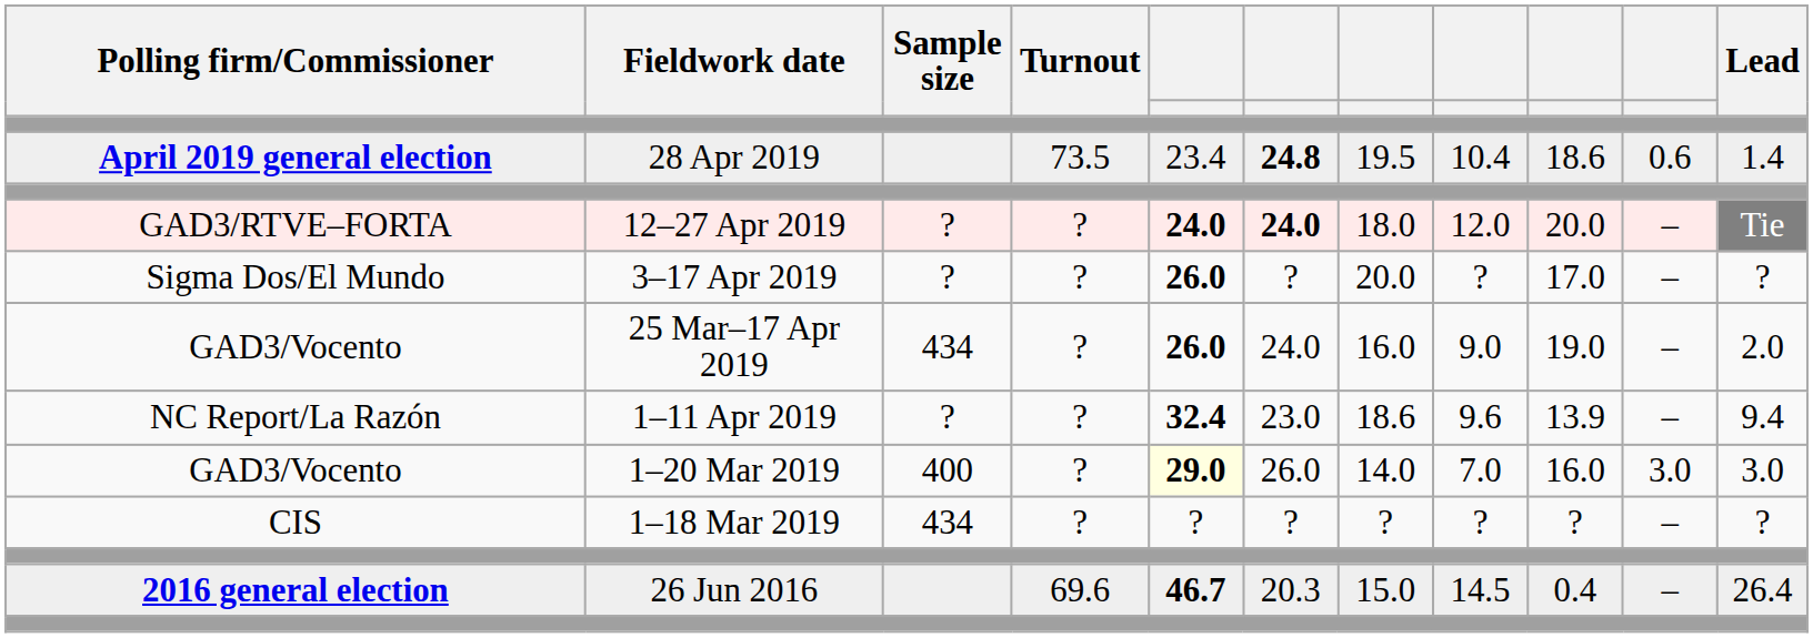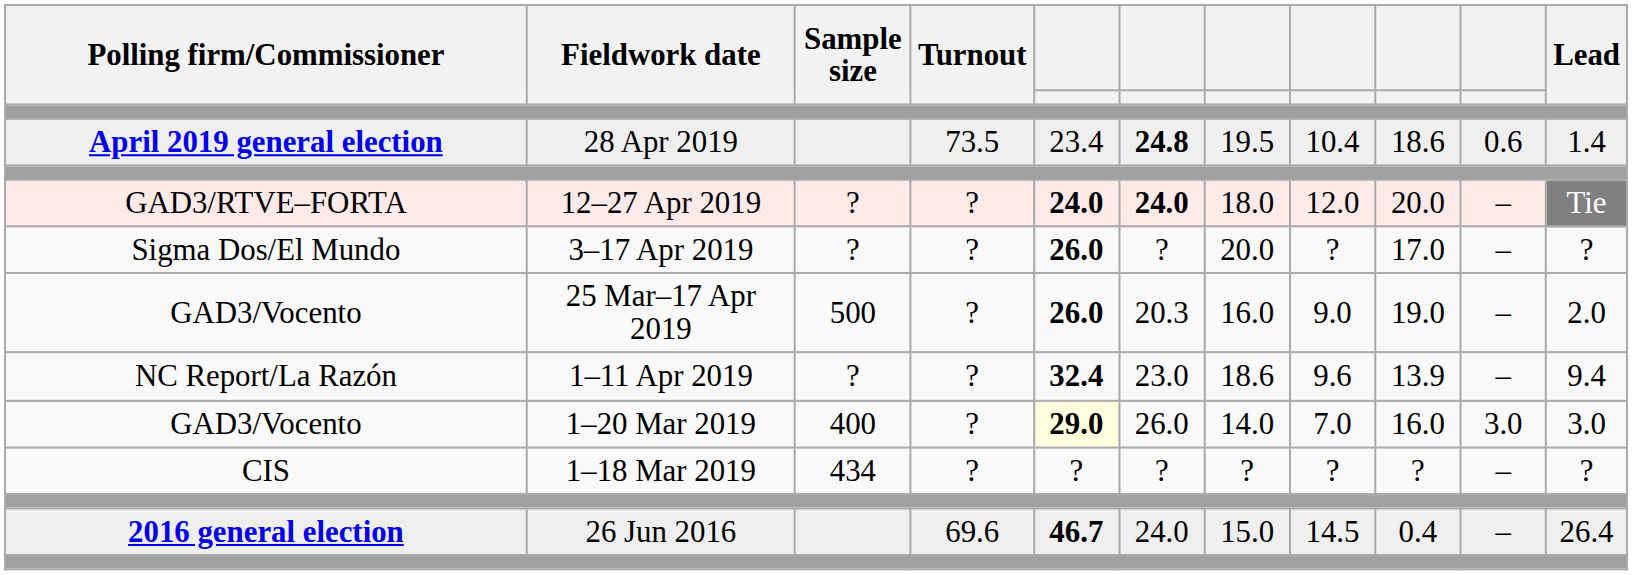 <table class="wikitable collapsible collapsed" style="text-align:center; font-size:95%; line-height:16px;">
 <tr style="height:42px;">
 <th style="width:250px;" rowspan="2">Polling firm/Commissioner</th>
 <th style="width:125px;" rowspan="2">Fieldwork date</th>
 <th style="width:50px;" rowspan="2">Sample size</th>
 <th style="width:45px;" rowspan="2">Turnout</th>
 <th style="width:35px;"></th>
 <th style="width:35px;"></th>
 <th style="width:35px;"></th>
 <th style="width:35px;"></th>
 <th style="width:35px;"></th>
 <th style="width:35px;"></th>
 <th style="width:30px;" rowspan="2">Lead</th>
 </tr>
 <tr>
 <th style="color:inherit;background:"></th>
 <th style="color:inherit;background:"></th>
 <th style="color:inherit;background:"></th>
 <th style="color:inherit;background:"></th>
 <th style="color:inherit;background:"></th>
 <th style="color:inherit;background:"></th>
 </tr>
 <tr>
 <td colspan="11" style="background:#A0A0A0"></td>
 </tr>
 <tr style="background:#EFEFEF;">
 <td><strong><a href='#'>April 2019 general election</a></strong></td>
 <td>28 Apr 2019</td>
 <td></td>
 <td>73.5</td>
 <td>23.4<br></td>
 <td><strong>24.8</strong><br></td>
 <td>19.5<br></td>
 <td>10.4<br></td>
 <td>18.6<br></td>
 <td>0.6<br></td>
 <td style="background:">1.4</td>
 </tr>
 <tr>
 <td colspan="11" style="background:#A0A0A0"></td>
 </tr>
 <tr style="background:#FFEAEA;">
 <td>GAD3/RTVE–FORTA</td>
 <td>12–27 Apr 2019</td>
 <td>?</td>
 <td>?</td>
 <td><strong>24.0</strong><br></td>
 <td><strong>24.0</strong><br></td>
 <td>18.0<br></td>
 <td>12.0<br></td>
 <td>20.0<br></td>
 <td>–</td>
 <td style="background:gray;color:white;">Tie</td>
 </tr>
 <tr>
 <td>Sigma Dos/El Mundo</td>
 <td>3–17 Apr 2019</td>
 <td>?</td>
 <td>?</td>
 <td><strong>26.0</strong><br></td>
 <td>?<br></td>
 <td>20.0<br></td>
 <td>?<br></td>
 <td>17.0<br></td>
 <td>–</td>
 <td style="background:">?</td>
 </tr>
 <tr>
 <td>GAD3/Vocento</td>
 <td>25 Mar–17 Apr 2019</td>
-<td>434</td>
+<td>500</td>
 <td>?</td>
 <td><strong>26.0</strong><br></td>
-<td>24.0<br></td>
+<td>20.3<br></td>
 <td>16.0<br></td>
 <td>9.0<br></td>
 <td>19.0<br></td>
 <td>–</td>
 <td style="background:">2.0</td>
 </tr>
 <tr>
 <td>NC Report/La Razón</td>
 <td>1–11 Apr 2019</td>
 <td>?</td>
 <td>?</td>
 <td><strong>32.4</strong><br></td>
 <td>23.0<br></td>
 <td>18.6<br></td>
 <td>9.6<br></td>
 <td>13.9<br></td>
 <td>–</td>
 <td style="background:">9.4</td>
 </tr>
 <tr>
 <td>GAD3/Vocento</td>
 <td>1–20 Mar 2019</td>
 <td>400</td>
 <td>?</td>
 <td style="background: lightyellow;"><strong>29.0</strong><br></td>
 <td>26.0<br></td>
 <td>14.0<br></td>
 <td>7.0<br></td>
 <td>16.0<br></td>
 <td>3.0<br></td>
 <td style="background:">3.0</td>
 </tr>
 <tr>
 <td>CIS</td>
 <td>1–18 Mar 2019</td>
 <td>434</td>
 <td>?</td>
 <td>?<br></td>
 <td>?<br></td>
 <td>?<br></td>
 <td>?<br></td>
 <td>?<br></td>
 <td>–</td>
 <td style="background:">?</td>
 </tr>
 <tr>
 <td colspan="11" style="background:#A0A0A0"></td>
 </tr>
 <tr style="background:#EFEFEF;">
 <td><strong><a href='#'>2016 general election</a></strong></td>
 <td>26 Jun 2016</td>
 <td></td>
 <td>69.6</td>
 <td><strong>46.7</strong><br></td>
-<td>20.3<br></td>
+<td>24.0<br></td>
 <td>15.0<br></td>
 <td>14.5<br></td>
 <td>0.4<br></td>
 <td>–</td>
 <td style="background:">26.4</td>
 </tr>
 <tr>
 <td colspan="11" style="background:#A0A0A0"></td>
 </tr>
 </table>
